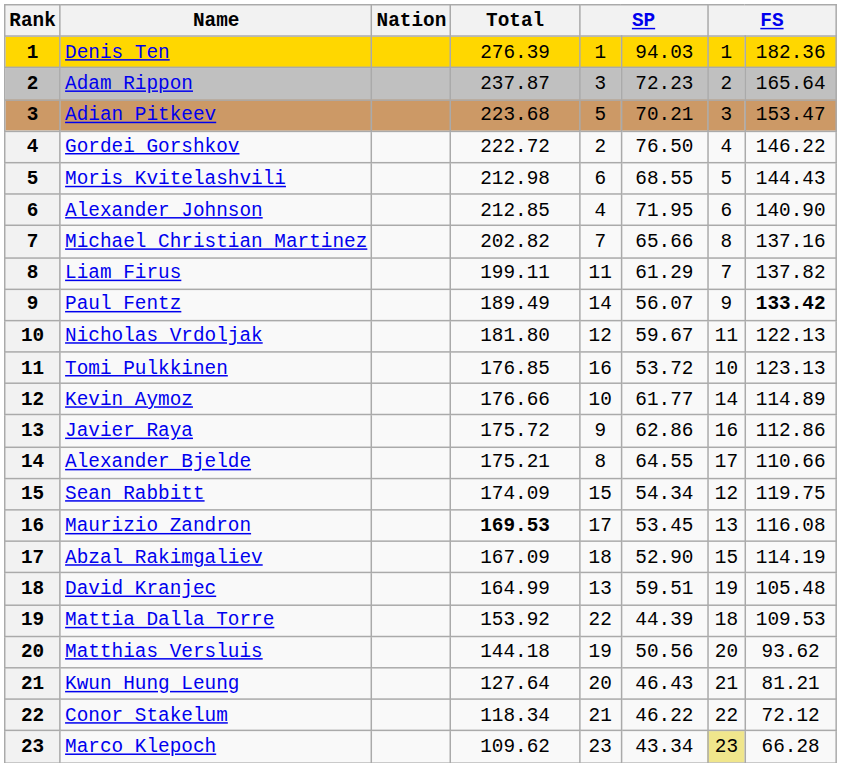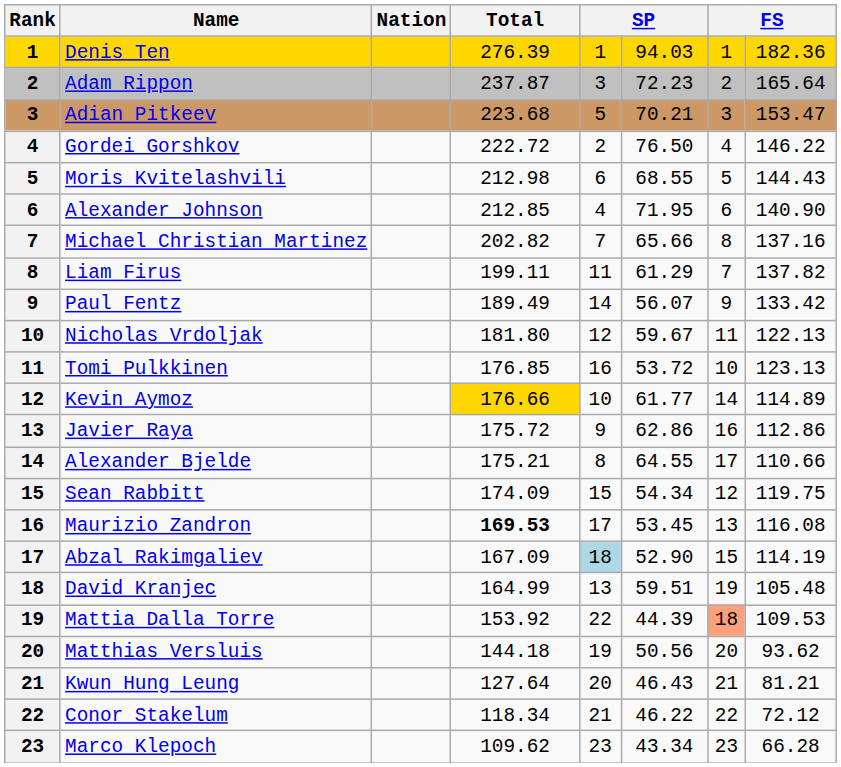 <table class="wikitable sortable">
 <tr>
 <th>Rank</th>
 <th>Name</th>
 <th>Nation</th>
 <th width="80px">Total</th>
 <th colspan="2" width="80px"><a href='#'>SP</a></th>
 <th colspan="2" width="80px"><a href='#'>FS</a></th>
 </tr>
 <tr bgcolor="gold">
 <td align="center"><strong>1</strong></td>
 <td><a href='#'>Denis Ten</a></td>
 <td></td>
 <td align="center">276.39</td>
 <td align="center">1</td>
 <td align="center">94.03</td>
 <td align="center">1</td>
 <td align="center">182.36</td>
 </tr>
 <tr bgcolor="silver">
 <td align="center"><strong>2</strong></td>
 <td><a href='#'>Adam Rippon</a></td>
 <td></td>
 <td align="center">237.87</td>
 <td align="center">3</td>
 <td align="center">72.23</td>
 <td align="center">2</td>
 <td align="center">165.64</td>
 </tr>
 <tr bgcolor="cc9966">
 <td align="center"><strong>3</strong></td>
 <td><a href='#'>Adian Pitkeev</a></td>
 <td></td>
 <td align="center">223.68</td>
 <td align="center">5</td>
 <td align="center">70.21</td>
 <td align="center">3</td>
 <td align="center">153.47</td>
 </tr>
 <tr>
 <th>4</th>
 <td><a href='#'>Gordei Gorshkov</a></td>
 <td></td>
 <td align="center">222.72</td>
 <td align="center">2</td>
 <td align="center">76.50</td>
 <td align="center">4</td>
 <td align="center">146.22</td>
 </tr>
 <tr>
 <th>5</th>
 <td><a href='#'>Moris Kvitelashvili</a></td>
 <td></td>
 <td align="center">212.98</td>
 <td align="center">6</td>
 <td align="center">68.55</td>
 <td align="center">5</td>
 <td align="center">144.43</td>
 </tr>
 <tr>
 <th>6</th>
 <td><a href='#'>Alexander Johnson</a></td>
 <td></td>
 <td align="center">212.85</td>
 <td align="center">4</td>
 <td align="center">71.95</td>
 <td align="center">6</td>
 <td align="center">140.90</td>
 </tr>
 <tr>
 <th>7</th>
 <td><a href='#'>Michael Christian Martinez</a></td>
 <td></td>
 <td align="center">202.82</td>
 <td align="center">7</td>
 <td align="center">65.66</td>
 <td align="center">8</td>
 <td align="center">137.16</td>
 </tr>
 <tr>
 <th>8</th>
 <td><a href='#'>Liam Firus</a></td>
 <td></td>
 <td align="center">199.11</td>
 <td align="center">11</td>
 <td align="center">61.29</td>
 <td align="center">7</td>
 <td align="center">137.82</td>
 </tr>
 <tr>
 <th>9</th>
 <td><a href='#'>Paul Fentz</a></td>
 <td></td>
 <td align="center">189.49</td>
 <td align="center">14</td>
 <td align="center">56.07</td>
 <td align="center">9</td>
-<td align="center"><strong>133.42</strong></td>
+<td align="center">133.42</td>
 </tr>
 <tr>
 <th>10</th>
 <td><a href='#'>Nicholas Vrdoljak</a></td>
 <td></td>
 <td align="center">181.80</td>
 <td align="center">12</td>
 <td align="center">59.67</td>
 <td align="center">11</td>
 <td align="center">122.13</td>
 </tr>
 <tr>
 <th>11</th>
 <td><a href='#'>Tomi Pulkkinen</a></td>
 <td></td>
 <td align="center">176.85</td>
 <td align="center">16</td>
 <td align="center">53.72</td>
 <td align="center">10</td>
 <td align="center">123.13</td>
 </tr>
 <tr>
 <th>12</th>
 <td><a href='#'>Kevin Aymoz</a></td>
 <td></td>
-<td align="center">176.66</td>
+<td align="center" style="background: gold;">176.66</td>
 <td align="center">10</td>
 <td align="center">61.77</td>
 <td align="center">14</td>
 <td align="center">114.89</td>
 </tr>
 <tr>
 <th>13</th>
 <td><a href='#'>Javier Raya</a></td>
 <td></td>
 <td align="center">175.72</td>
 <td align="center">9</td>
 <td align="center">62.86</td>
 <td align="center">16</td>
 <td align="center">112.86</td>
 </tr>
 <tr>
 <th>14</th>
 <td><a href='#'>Alexander Bjelde</a></td>
 <td></td>
 <td align="center">175.21</td>
 <td align="center">8</td>
 <td align="center">64.55</td>
 <td align="center">17</td>
 <td align="center">110.66</td>
 </tr>
 <tr>
 <th>15</th>
 <td><a href='#'>Sean Rabbitt</a></td>
 <td></td>
 <td align="center">174.09</td>
 <td align="center">15</td>
 <td align="center">54.34</td>
 <td align="center">12</td>
 <td align="center">119.75</td>
 </tr>
 <tr>
 <th>16</th>
 <td><a href='#'>Maurizio Zandron</a></td>
 <td></td>
 <td align="center"><strong>169.53</strong></td>
 <td align="center">17</td>
 <td align="center">53.45</td>
 <td align="center">13</td>
 <td align="center">116.08</td>
 </tr>
 <tr>
 <th>17</th>
 <td><a href='#'>Abzal Rakimgaliev</a></td>
 <td></td>
 <td align="center">167.09</td>
-<td align="center">18</td>
+<td align="center" style="background: lightblue;">18</td>
 <td align="center">52.90</td>
 <td align="center">15</td>
 <td align="center">114.19</td>
 </tr>
 <tr>
 <th>18</th>
 <td><a href='#'>David Kranjec</a></td>
 <td></td>
 <td align="center">164.99</td>
 <td align="center">13</td>
 <td align="center">59.51</td>
 <td align="center">19</td>
 <td align="center">105.48</td>
 </tr>
 <tr>
 <th>19</th>
 <td><a href='#'>Mattia Dalla Torre</a></td>
 <td></td>
 <td align="center">153.92</td>
 <td align="center">22</td>
 <td align="center">44.39</td>
-<td align="center">18</td>
+<td align="center" style="background: lightsalmon;">18</td>
 <td align="center">109.53</td>
 </tr>
 <tr>
 <th>20</th>
 <td><a href='#'>Matthias Versluis</a></td>
 <td></td>
 <td align="center">144.18</td>
 <td align="center">19</td>
 <td align="center">50.56</td>
 <td align="center">20</td>
 <td align="center">93.62</td>
 </tr>
 <tr>
 <th>21</th>
 <td><a href='#'>Kwun Hung Leung</a></td>
 <td></td>
 <td align="center">127.64</td>
 <td align="center">20</td>
 <td align="center">46.43</td>
 <td align="center">21</td>
 <td align="center">81.21</td>
 </tr>
 <tr>
 <th>22</th>
 <td><a href='#'>Conor Stakelum</a></td>
 <td></td>
 <td align="center">118.34</td>
 <td align="center">21</td>
 <td align="center">46.22</td>
 <td align="center">22</td>
 <td align="center">72.12</td>
 </tr>
 <tr>
 <th>23</th>
 <td><a href='#'>Marco Klepoch</a></td>
 <td></td>
 <td align="center">109.62</td>
 <td align="center">23</td>
 <td align="center">43.34</td>
-<td align="center" style="background: khaki;">23</td>
+<td align="center">23</td>
 <td align="center">66.28</td>
 </tr>
 </table>
